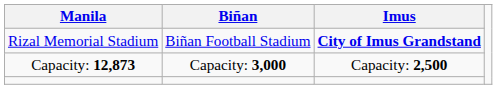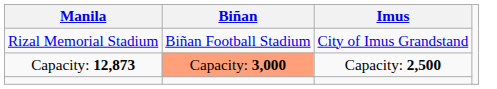 <table class="wikitable" style="text-align:center">
 <tr>
 <th><a href='#'>Manila</a></th>
 <th><a href='#'>Biñan</a></th>
 <th><a href='#'>Imus</a></th>
 <td rowspan=4></td>
 </tr>
 <tr>
 <td><a href='#'>Rizal Memorial Stadium</a></td>
 <td><a href='#'>Biñan Football Stadium</a></td>
-<td><strong><a href='#'>City of Imus Grandstand</a></strong></td>
+<td><a href='#'>City of Imus Grandstand</a></td>
 </tr>
 <tr>
 <td>Capacity: <strong>12,873</strong></td>
-<td>Capacity: <strong>3,000</strong></td>
+<td style="background: lightsalmon;">Capacity: <strong>3,000</strong></td>
 <td>Capacity: <strong>2,500</strong></td>
 </tr>
 <tr>
 <td></td>
 <td></td>
 <td></td>
 </tr>
 </table>
